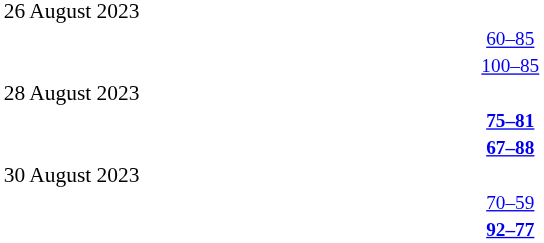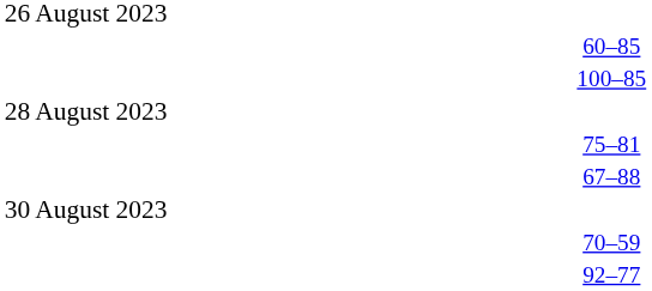 <table style="width:100%;" cellspacing="1">
 <tr>
 <th width=25%></th>
 <th width=2%></th>
 <th width=6%></th>
 <th width=2%></th>
 <th width=25%></th>
 </tr>
 <tr>
 <td>26 August 2023</td>
 </tr>
 <tr style=font-size:90%>
 <td align=right></td>
 <td></td>
 <td align=center><a href='#'>60–85</a></td>
 <td></td>
 <td></td>
 <td></td>
 </tr>
 <tr style=font-size:90%>
 <td align=right></td>
 <td></td>
 <td align=center><a href='#'>100–85</a></td>
 <td></td>
 <td></td>
 <td></td>
 </tr>
 <tr>
 <td>28 August 2023</td>
 </tr>
 <tr style=font-size:90%>
 <td align=right></td>
 <td></td>
-<td align=center><strong><a href='#'>75–81</a></strong></td>
+<td align=center><a href='#'>75–81</a></td>
 <td></td>
 <td></td>
 <td></td>
 </tr>
 <tr style=font-size:90%>
 <td align=right></td>
 <td></td>
-<td align=center><strong><a href='#'>67–88</a></strong></td>
+<td align=center><a href='#'>67–88</a></td>
 <td></td>
 <td></td>
 <td></td>
 </tr>
 <tr>
 <td>30 August 2023</td>
 </tr>
 <tr style=font-size:90%>
 <td align=right></td>
 <td></td>
 <td align=center><a href='#'>70–59</a></td>
 <td></td>
 <td></td>
 <td></td>
 </tr>
 <tr style=font-size:90%>
 <td align=right></td>
 <td></td>
-<td align=center><strong><a href='#'>92–77</a></strong></td>
+<td align=center><a href='#'>92–77</a></td>
 <td></td>
 <td></td>
 <td></td>
 </tr>
 </table>
